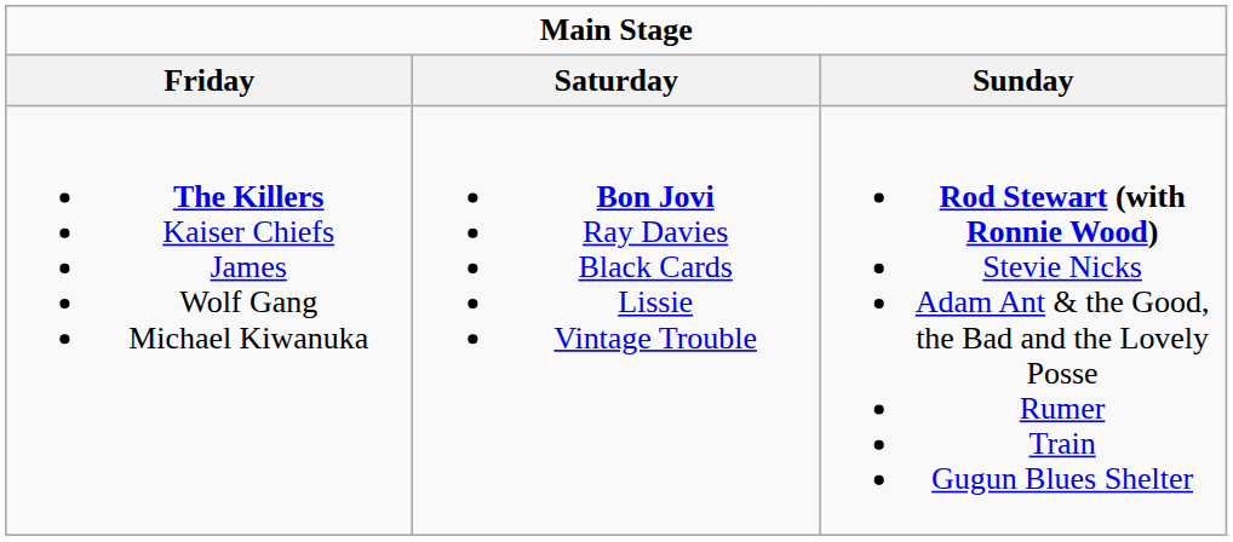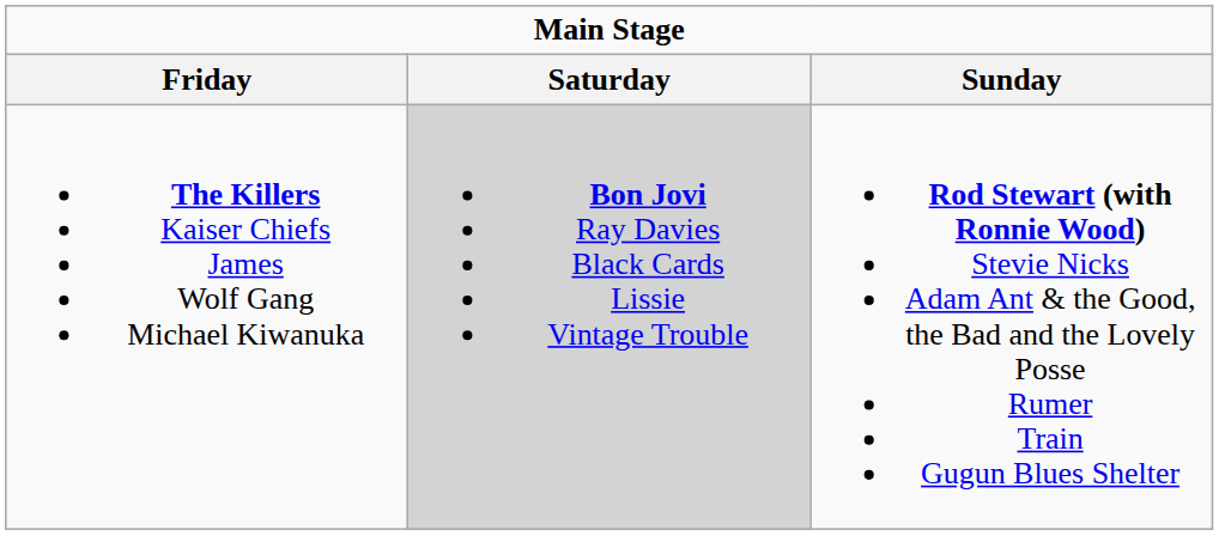 <table class="wikitable">
 <tr>
 <td colspan="3" style="text-align:center;"><strong>Main Stage</strong></td>
 </tr>
 <tr>
 <th>Friday</th>
 <th>Saturday</th>
 <th>Sunday</th>
 </tr>
 <tr>
 <td style="text-align:center; vertical-align:top; width:200px;"><br><ul><li><strong><a href='#'>The Killers</a></strong></li><li><a href='#'>Kaiser Chiefs</a></li><li><a href='#'>James</a></li><li>Wolf Gang</li><li>Michael Kiwanuka</li></ul></td>
-<td style="text-align:center; vertical-align:top; width:200px;"><br><ul><li><strong><a href='#'>Bon Jovi</a></strong></li><li><a href='#'>Ray Davies</a></li><li><a href='#'>Black Cards</a></li><li><a href='#'>Lissie</a></li><li><a href='#'>Vintage Trouble</a></li></ul></td>
+<td style="background: lightgrey; text-align:center; vertical-align:top; width:200px;"><br><ul><li><strong><a href='#'>Bon Jovi</a></strong></li><li><a href='#'>Ray Davies</a></li><li><a href='#'>Black Cards</a></li><li><a href='#'>Lissie</a></li><li><a href='#'>Vintage Trouble</a></li></ul></td>
 <td style="text-align:center; vertical-align:top; width:200px;"><br><ul><li><strong><a href='#'>Rod Stewart</a> (with <a href='#'>Ronnie Wood</a>)</strong></li><li><a href='#'>Stevie Nicks</a></li><li><a href='#'>Adam Ant</a> & the Good, the Bad and the Lovely Posse</li><li><a href='#'>Rumer</a></li><li><a href='#'>Train</a></li><li><a href='#'>Gugun Blues Shelter</a></li></ul></td>
 </tr>
 </table>
